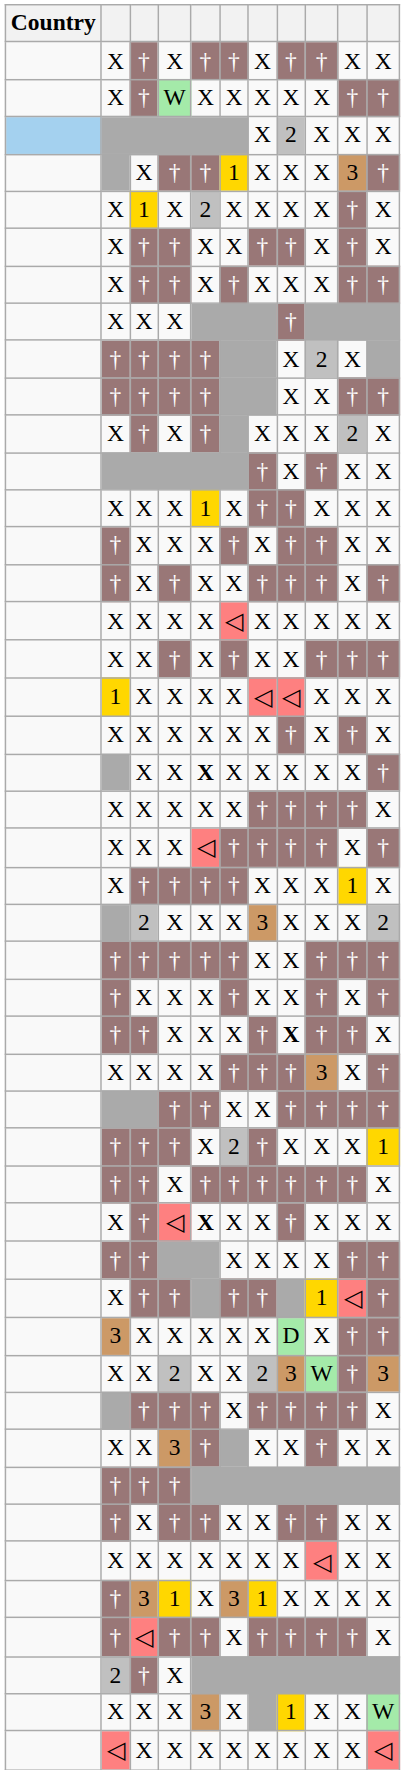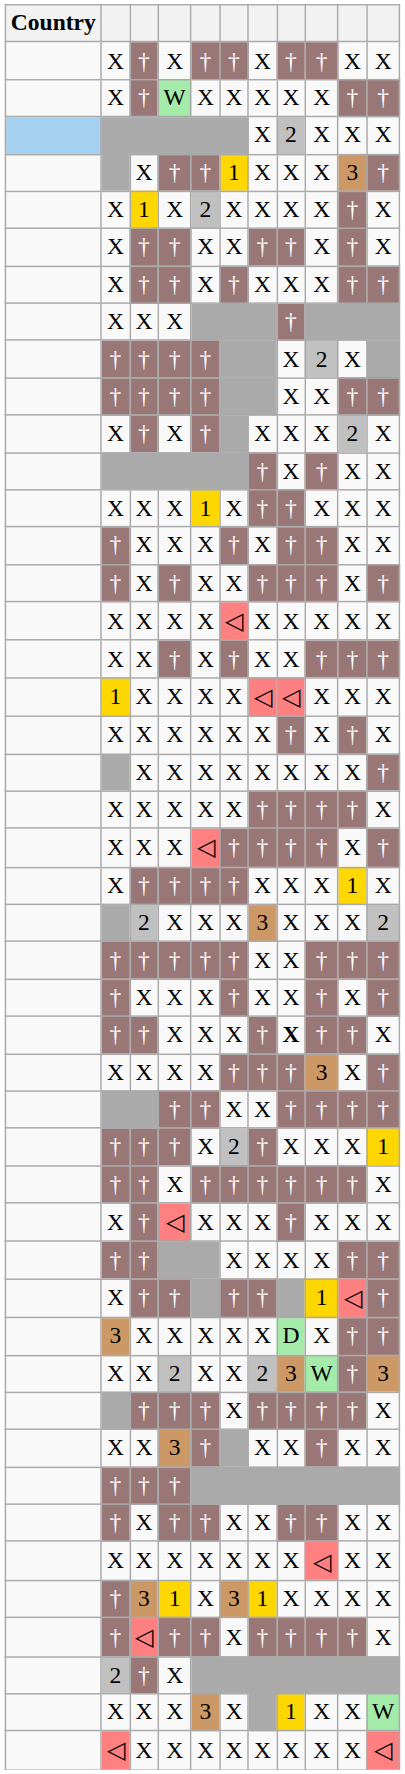 <table class="wikitable collapsible collapsed" style="margin:10px;text-align:center;">
 <tr>
 <th scope="col">Country</th>
 <th scope="col"></th>
 <th scope="col"></th>
 <th scope="col"></th>
 <th scope="col"></th>
 <th scope="col"></th>
 <th scope="col"></th>
 <th scope="col"></th>
 <th scope="col"></th>
 <th scope="col"></th>
 <th scope="col"></th>
 </tr>
 <tr>
 <td align=left></td>
 <td>X</td>
 <td style="background:#977;color:white;">†</td>
 <td>X</td>
 <td style="background:#977;color:white;">†</td>
 <td style="background:#977;color:white;">†</td>
 <td>X</td>
 <td style="background:#977;color:white;">†</td>
 <td style="background:#977;color:white;">†</td>
 <td>X</td>
 <td>X</td>
 </tr>
 <tr>
 <td align=left></td>
 <td>X</td>
 <td style="background:#977;color:white;">†</td>
 <td style="background:#A4EAA9;">W</td>
 <td>X</td>
 <td>X</td>
 <td>X</td>
 <td>X</td>
 <td>X</td>
 <td style="background:#977;color:white;">†</td>
 <td style="background:#977;color:white;">†</td>
 </tr>
 <tr>
 <td bgcolor="#A4D1EF" align=left> </td>
 <td colspan=5 style="background:#AAA;"></td>
 <td>X</td>
 <td style="background:silver">2</td>
 <td>X</td>
 <td>X</td>
 <td>X</td>
 </tr>
 <tr>
 <td align=left></td>
 <td style="background:#AAA;"></td>
 <td>X</td>
 <td style="background:#977;color:white;">†</td>
 <td style="background:#977;color:white;">†</td>
 <td style="background:gold">1</td>
 <td>X</td>
 <td>X</td>
 <td>X</td>
 <td style="background:#C96;">3</td>
 <td style="background:#977;color:white;">†</td>
 </tr>
 <tr>
 <td align=left></td>
 <td>X</td>
 <td style="background:gold">1</td>
 <td>X</td>
 <td style="background:silver">2</td>
 <td>X</td>
 <td>X</td>
 <td>X</td>
 <td>X</td>
 <td style="background:#977;color:white;">†</td>
 <td>X</td>
 </tr>
 <tr>
 <td align=left> </td>
 <td>X</td>
 <td style="background:#977;color:white;">†</td>
 <td style="background:#977;color:white;">†</td>
 <td>X</td>
 <td>X</td>
 <td style="background:#977;color:white;">†</td>
 <td style="background:#977;color:white;">†</td>
 <td>X</td>
 <td style="background:#977;color:white;">†</td>
 <td>X</td>
 </tr>
 <tr>
 <td align=left></td>
 <td>X</td>
 <td style="background:#977;color:white;">†</td>
 <td style="background:#977;color:white;">†</td>
 <td>X</td>
 <td style="background:#977;color:white;">†</td>
 <td>X</td>
 <td>X</td>
 <td>X</td>
 <td style="background:#977;color:white;">†</td>
 <td style="background:#977;color:white;">†</td>
 </tr>
 <tr>
 <td align=left></td>
 <td>X</td>
 <td>X</td>
 <td>X</td>
 <td colspan=3 style="background:#AAA;"></td>
 <td style="background:#977;color:white;">†</td>
 <td colspan=3 style="background:#AAA;"></td>
 </tr>
 <tr>
 <td align=left></td>
 <td style="background:#977;color:white;">†</td>
 <td style="background:#977;color:white;">†</td>
 <td style="background:#977;color:white;">†</td>
 <td style="background:#977;color:white;">†</td>
 <td colspan=2 style="background:#AAA;"></td>
 <td>X</td>
 <td style="background:silver">2</td>
 <td>X</td>
 <td style="background:#AAA;"></td>
 </tr>
 <tr>
 <td align=left></td>
 <td style="background:#977;color:white;">†</td>
 <td style="background:#977;color:white;">†</td>
 <td style="background:#977;color:white;">†</td>
 <td style="background:#977;color:white;">†</td>
 <td colspan=2 style="background:#AAA;"></td>
 <td>X</td>
 <td>X</td>
 <td style="background:#977;color:white;">†</td>
 <td style="background:#977;color:white;">†</td>
 </tr>
 <tr>
 <td align=left></td>
 <td>X</td>
 <td style="background:#977;color:white;">†</td>
 <td>X</td>
 <td style="background:#977;color:white;">†</td>
 <td style="background:#AAA;"></td>
 <td>X</td>
 <td>X</td>
 <td>X</td>
 <td style="background:silver">2</td>
 <td>X</td>
 </tr>
 <tr>
 <td align=left></td>
 <td colspan=5 style="background:#AAA;"></td>
 <td style="background:#977;color:white;">†</td>
 <td>X</td>
 <td style="background:#977;color:white;">†</td>
 <td>X</td>
 <td>X</td>
 </tr>
 <tr>
 <td align=left></td>
 <td>X</td>
 <td>X</td>
 <td>X</td>
 <td style="background:gold">1</td>
 <td>X</td>
 <td style="background:#977;color:white;">†</td>
 <td style="background:#977;color:white;">†</td>
 <td>X</td>
 <td>X</td>
 <td>X</td>
 </tr>
 <tr>
 <td align=left></td>
 <td style="background:#977;color:white;">†</td>
 <td>X</td>
 <td>X</td>
 <td>X</td>
 <td style="background:#977;color:white;">†</td>
 <td>X</td>
 <td style="background:#977;color:white;">†</td>
 <td style="background:#977;color:white;">†</td>
 <td>X</td>
 <td>X</td>
 </tr>
 <tr>
 <td align=left></td>
 <td style="background:#977;color:white;">†</td>
 <td>X</td>
 <td style="background:#977;color:white;">†</td>
 <td>X</td>
 <td>X</td>
 <td style="background:#977;color:white;">†</td>
 <td style="background:#977;color:white;">†</td>
 <td style="background:#977;color:white;">†</td>
 <td>X</td>
 <td style="background:#977;color:white;">†</td>
 </tr>
 <tr>
 <td align=left></td>
 <td>X</td>
 <td>X</td>
 <td>X</td>
 <td>X</td>
 <td bgcolor="#FE8080">◁</td>
 <td>X</td>
 <td>X</td>
 <td>X</td>
 <td>X</td>
 <td>X</td>
 </tr>
 <tr>
 <td align=left></td>
 <td>X</td>
 <td>X</td>
 <td style="background:#977;color:white;">†</td>
 <td>X</td>
 <td style="background:#977;color:white;">†</td>
 <td>X</td>
 <td>X</td>
 <td style="background:#977;color:white;">†</td>
 <td style="background:#977;color:white;">†</td>
 <td style="background:#977;color:white;">†</td>
 </tr>
 <tr>
 <td align=left></td>
 <td style="background:gold">1</td>
 <td>X</td>
 <td>X</td>
 <td>X</td>
 <td>X</td>
 <td bgcolor="#FE8080">◁</td>
 <td bgcolor="#FE8080">◁</td>
 <td>X</td>
 <td>X</td>
 <td>X</td>
 </tr>
 <tr>
 <td align=left></td>
 <td>X</td>
 <td>X</td>
 <td>X</td>
 <td>X</td>
 <td>X</td>
 <td>X</td>
 <td style="background:#977;color:white;">†</td>
 <td>X</td>
 <td style="background:#977;color:white;">†</td>
 <td>X</td>
 </tr>
 <tr>
 <td align=left></td>
 <td style="background:#AAA;"></td>
 <td>X</td>
 <td>X</td>
-<td><strong>X</strong></td>
+<td>X</td>
 <td>X</td>
 <td>X</td>
 <td>X</td>
 <td>X</td>
 <td>X</td>
 <td style="background:#977;color:white;">†</td>
 </tr>
 <tr>
 <td align=left></td>
 <td>X</td>
 <td>X</td>
 <td>X</td>
 <td>X</td>
 <td>X</td>
 <td style="background:#977;color:white;">†</td>
 <td style="background:#977;color:white;">†</td>
 <td style="background:#977;color:white;">†</td>
 <td style="background:#977;color:white;">†</td>
 <td>X</td>
 </tr>
 <tr>
 <td align=left></td>
 <td>X</td>
 <td>X</td>
 <td>X</td>
 <td bgcolor="#FE8080">◁</td>
 <td style="background:#977;color:white;">†</td>
 <td style="background:#977;color:white;">†</td>
 <td style="background:#977;color:white;">†</td>
 <td style="background:#977;color:white;">†</td>
 <td>X</td>
 <td style="background:#977;color:white;">†</td>
 </tr>
 <tr>
 <td align=left></td>
 <td>X</td>
 <td style="background:#977;color:white;">†</td>
 <td style="background:#977;color:white;">†</td>
 <td style="background:#977;color:white;">†</td>
 <td style="background:#977;color:white;">†</td>
 <td>X</td>
 <td>X</td>
 <td>X</td>
 <td style="background:gold">1</td>
 <td>X</td>
 </tr>
 <tr>
 <td align=left></td>
 <td style="background:#AAA;"></td>
 <td style="background:silver">2</td>
 <td>X</td>
 <td>X</td>
 <td>X</td>
 <td style="background:#C96;">3</td>
 <td>X</td>
 <td>X</td>
 <td>X</td>
 <td style="background:silver">2</td>
 </tr>
 <tr>
 <td align=left></td>
 <td style="background:#977;color:white;">†</td>
 <td style="background:#977;color:white;">†</td>
 <td style="background:#977;color:white;">†</td>
 <td style="background:#977;color:white;">†</td>
 <td style="background:#977;color:white;">†</td>
 <td>X</td>
 <td>X</td>
 <td style="background:#977;color:white;">†</td>
 <td style="background:#977;color:white;">†</td>
 <td style="background:#977;color:white;">†</td>
 </tr>
 <tr>
 <td align=left></td>
 <td style="background:#977;color:white;">†</td>
 <td>X</td>
 <td>X</td>
 <td>X</td>
 <td style="background:#977;color:white;">†</td>
 <td>X</td>
 <td>X</td>
 <td style="background:#977;color:white;">†</td>
 <td>X</td>
 <td style="background:#977;color:white;">†</td>
 </tr>
 <tr>
 <td align=left></td>
 <td style="background:#977;color:white;">†</td>
 <td style="background:#977;color:white;">†</td>
 <td>X</td>
 <td>X</td>
 <td>X</td>
 <td style="background:#977;color:white;">†</td>
 <td><strong>X</strong></td>
 <td style="background:#977;color:white;">†</td>
 <td style="background:#977;color:white;">†</td>
 <td>X</td>
 </tr>
 <tr>
 <td align=left></td>
 <td>X</td>
 <td>X</td>
 <td>X</td>
 <td>X</td>
 <td style="background:#977;color:white;">†</td>
 <td style="background:#977;color:white;">†</td>
 <td style="background:#977;color:white;">†</td>
 <td bgcolor="#C96">3</td>
 <td>X</td>
 <td style="background:#977;color:white;">†</td>
 </tr>
 <tr>
 <td align=left></td>
 <td colspan=2 style="background:#AAA;"></td>
 <td style="background:#977;color:white;">†</td>
 <td style="background:#977;color:white;">†</td>
 <td>X</td>
 <td>X</td>
 <td style="background:#977;color:white;">†</td>
 <td style="background:#977;color:white;">†</td>
 <td style="background:#977;color:white;">†</td>
 <td style="background:#977;color:white;">†</td>
 </tr>
 <tr>
 <td align=left></td>
 <td style="background:#977;color:white;">†</td>
 <td style="background:#977;color:white;">†</td>
 <td style="background:#977;color:white;">†</td>
 <td>X</td>
 <td style="background:silver">2</td>
 <td style="background:#977;color:white;">†</td>
 <td>X</td>
 <td>X</td>
 <td>X</td>
 <td style="background:gold">1</td>
 </tr>
 <tr>
 <td align=left></td>
 <td style="background:#977;color:white;">†</td>
 <td style="background:#977;color:white;">†</td>
 <td>X</td>
 <td style="background:#977;color:white;">†</td>
 <td style="background:#977;color:white;">†</td>
 <td style="background:#977;color:white;">†</td>
 <td style="background:#977;color:white;">†</td>
 <td style="background:#977;color:white;">†</td>
 <td style="background:#977;color:white;">†</td>
 <td>X</td>
 </tr>
 <tr>
 <td align=left></td>
 <td>X</td>
 <td style="background:#977;color:white;">†</td>
 <td bgcolor="#FE8080">◁</td>
-<td><strong>X</strong></td>
+<td>X</td>
 <td>X</td>
 <td>X</td>
 <td style="background:#977;color:white;">†</td>
 <td>X</td>
 <td>X</td>
 <td>X</td>
 </tr>
 <tr>
 <td align=left></td>
 <td style="background:#977;color:white;">†</td>
 <td style="background:#977;color:white;">†</td>
 <td colspan="2" style="background:#AAA;"></td>
 <td>X</td>
 <td>X</td>
 <td>X</td>
 <td>X</td>
 <td style="background:#977;color:white;">†</td>
 <td style="background:#977;color:white;">†</td>
 </tr>
 <tr>
 <td align=left></td>
 <td>X</td>
 <td style="background:#977;color:white;">†</td>
 <td style="background:#977;color:white;">†</td>
 <td style="background:#AAA;"></td>
 <td style="background:#977;color:white;">†</td>
 <td style="background:#977;color:white;">†</td>
 <td style="background:#AAA;"></td>
 <td style="background:gold">1</td>
 <td bgcolor="#FE8080">◁</td>
 <td style="background:#977;color:white;">†</td>
 </tr>
 <tr>
 <td align=left></td>
 <td style="background:#C96;">3</td>
 <td>X</td>
 <td>X</td>
 <td>X</td>
 <td>X</td>
 <td>X</td>
 <td style="background:#A4EAA9;">D</td>
 <td>X</td>
 <td style="background:#977;color:white;">†</td>
 <td style="background:#977;color:white;">†</td>
 </tr>
 <tr>
 <td align=left></td>
 <td>X</td>
 <td>X</td>
 <td style="background:silver">2</td>
 <td>X</td>
 <td>X</td>
 <td style="background:silver">2</td>
 <td style="background:#C96;">3</td>
 <td style="background:#A4EAA9;">W</td>
 <td style="background:#977;color:white;">†</td>
 <td style="background:#C96;">3</td>
 </tr>
 <tr>
 <td align=left> </td>
 <td style="background:#AAA;"></td>
 <td style="background:#977;color:white;">†</td>
 <td style="background:#977;color:white;">†</td>
 <td style="background:#977;color:white;">†</td>
 <td>X</td>
 <td style="background:#977;color:white;">†</td>
 <td style="background:#977;color:white;">†</td>
 <td style="background:#977;color:white;">†</td>
 <td style="background:#977;color:white;">†</td>
 <td>X</td>
 </tr>
 <tr>
 <td align=left> </td>
 <td>X</td>
 <td>X</td>
 <td style="background:#C96;">3</td>
 <td style="background:#977;color:white;">†</td>
 <td style="background:#AAA;"></td>
 <td>X</td>
 <td>X</td>
 <td style="background:#977;color:white;">†</td>
 <td>X</td>
 <td>X</td>
 </tr>
 <tr>
 <td align=left></td>
 <td style="background:#977;color:white;">†</td>
 <td style="background:#977;color:white;">†</td>
 <td style="background:#977;color:white;">†</td>
 <td colspan=7 style="background:#AAA;"></td>
 </tr>
 <tr>
 <td align=left></td>
 <td style="background:#977;color:white;">†</td>
 <td>X</td>
 <td style="background:#977;color:white;">†</td>
 <td style="background:#977;color:white;">†</td>
 <td>X</td>
 <td>X</td>
 <td style="background:#977;color:white;">†</td>
 <td style="background:#977;color:white;">†</td>
 <td>X</td>
 <td>X</td>
 </tr>
 <tr>
 <td align=left></td>
 <td>X</td>
 <td>X</td>
 <td>X</td>
 <td>X</td>
 <td>X</td>
 <td>X</td>
 <td>X</td>
 <td bgcolor="#FE8080">◁</td>
 <td>X</td>
 <td>X</td>
 </tr>
 <tr>
 <td align=left></td>
 <td style="background:#977;color:white;">†</td>
 <td style="background:#C96;">3</td>
 <td style="background:gold">1</td>
 <td>X</td>
 <td style="background:#C96;">3</td>
 <td style="background:gold">1</td>
 <td>X</td>
 <td>X</td>
 <td>X</td>
 <td>X</td>
 </tr>
 <tr>
 <td align=left></td>
 <td style="background:#977;color:white;">†</td>
 <td bgcolor="#FE8080">◁</td>
 <td style="background:#977;color:white;">†</td>
 <td style="background:#977;color:white;">†</td>
 <td>X</td>
 <td style="background:#977;color:white;">†</td>
 <td style="background:#977;color:white;">†</td>
 <td style="background:#977;color:white;">†</td>
 <td style="background:#977;color:white;">†</td>
 <td>X</td>
 </tr>
 <tr>
 <td align=left></td>
 <td style="background:silver">2</td>
 <td style="background:#977;color:white;">†</td>
 <td>X</td>
 <td colspan=7 style="background:#AAA;"></td>
 </tr>
 <tr>
 <td align=left></td>
 <td>X</td>
 <td>X</td>
 <td>X</td>
 <td style="background:#C96;">3</td>
 <td>X</td>
 <td style="background:#AAA;"></td>
 <td style="background:gold">1</td>
 <td>X</td>
 <td>X</td>
 <td style="background:#A4EAA9;">W</td>
 </tr>
 <tr>
 <td align=left></td>
 <td bgcolor="#FE8080">◁</td>
 <td>X</td>
 <td>X</td>
 <td>X</td>
 <td>X</td>
 <td>X</td>
 <td>X</td>
 <td>X</td>
 <td>X</td>
 <td bgcolor="#FE8080">◁</td>
 </tr>
 </table>
